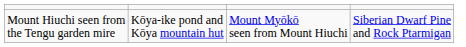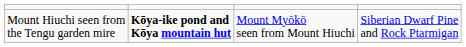 <table class="wikitable">
 <tr>
 <td></td>
 <td></td>
 <td></td>
 <td></td>
 </tr>
 <tr>
 <td>Mount Hiuchi seen from<br>the Tengu garden mire</td>
-<td>Kōya-ike pond and<br>Kōya <a href='#'>mountain hut</a></td>
+<td><strong>Kōya-ike pond and<br>Kōya <a href='#'>mountain hut</a></strong></td>
 <td><a href='#'>Mount Myōkō</a><br>seen from Mount Hiuchi</td>
 <td><a href='#'>Siberian Dwarf Pine</a><br>and <a href='#'>Rock Ptarmigan</a></td>
 </tr>
 </table>
